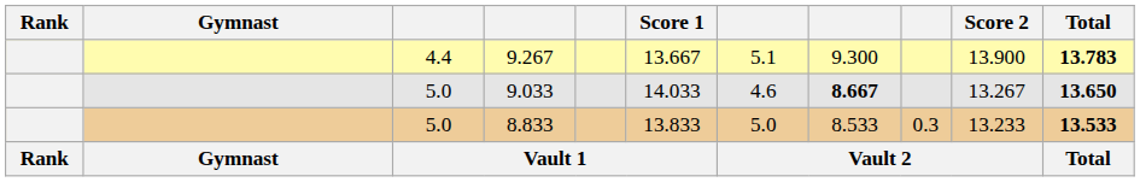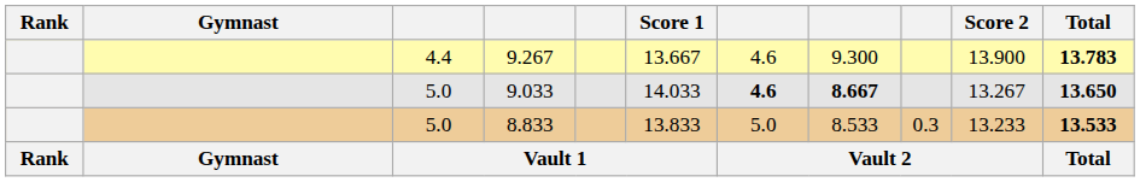 <table class="wikitable sortable" style="text-align:center; font-size:95%">
 <tr>
 <th scope="col" style="width:50px;">Rank</th>
 <th scope="col" style="width:220px;">Gymnast</th>
 <th scope="col" style="width:60px"></th>
 <th scope="col" style="width:60px;"></th>
 <th scope="col" style="width:30px;"></th>
 <th scope="col" style="width:60px;">Score 1</th>
 <th scope="col" style="width:60px"></th>
 <th scope="col" style="width:60px;"></th>
 <th scope="col" style="width:30px;"></th>
 <th scope="col" style="width:60px;">Score 2</th>
 <th scope="col" style="width:60px">Total</th>
 </tr>
 <tr style="background:#fffcaf;">
 <th scope=row style="text-align:center"></th>
 <td style="text-align:left;"></td>
 <td>4.4</td>
 <td>9.267</td>
 <td></td>
 <td>13.667</td>
-<td>5.1</td>
+<td>4.6</td>
 <td>9.300</td>
 <td></td>
 <td>13.900</td>
 <td><strong>13.783</strong></td>
 </tr>
 <tr style="background:#e5e5e5;">
 <th scope=row style="text-align:center"></th>
 <td style="text-align:left;"></td>
 <td>5.0</td>
 <td>9.033</td>
 <td></td>
 <td>14.033</td>
-<td>4.6</td>
+<td><strong>4.6</strong></td>
 <td><strong>8.667</strong></td>
 <td></td>
 <td>13.267</td>
 <td><strong>13.650</strong></td>
 </tr>
 <tr style="background:#ec9;">
 <th scope=row style="text-align:center"></th>
 <td style="text-align:left;"></td>
 <td>5.0</td>
 <td>8.833</td>
 <td></td>
 <td>13.833</td>
 <td>5.0</td>
 <td>8.533</td>
 <td>0.3</td>
 <td>13.233</td>
 <td><strong>13.533</strong></td>
 </tr>
 <tr class="sortbottom">
 <th scope=col>Rank</th>
 <th scope="col" style="width:210px;">Gymnast</th>
 <th scope=col colspan="4">Vault 1</th>
 <th scope=col colspan="4">Vault 2</th>
 <th scope=col>Total</th>
 </tr>
 </table>
